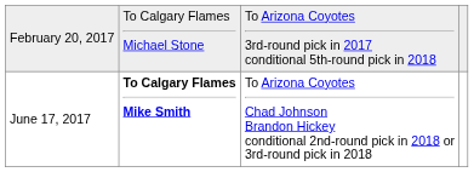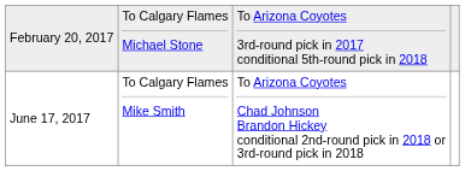 <table border="1" style="border-collapse:collapse;"  cellpadding="5">
 <tr style="background:#eee;">
 <td>February 20, 2017</td>
 <td valign="top">To Calgary Flames<hr> <a href='#'>Michael Stone</a></td>
 <td valign="top">To <a href='#'>Arizona Coyotes</a><hr> 3rd-round pick in <a href='#'>2017</a><br><span>conditional</span> 5th-round pick in <a href='#'>2018</a></td>
 <td></td>
 </tr>
 <tr>
 <td>June 17, 2017</td>
-<td valign="top"><strong>To Calgary Flames<hr> <a href='#'>Mike Smith</a></strong></td>
+<td valign="top">To Calgary Flames<hr> <a href='#'>Mike Smith</a></td>
 <td valign="top">To <a href='#'>Arizona Coyotes</a><hr> <a href='#'>Chad Johnson</a><br><a href='#'>Brandon Hickey</a><br><span>conditional</span> 2nd-round pick in <a href='#'>2018</a> or <br>     3rd-round pick in 2018</td>
 <td></td>
 </tr>
 </table>
